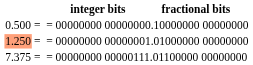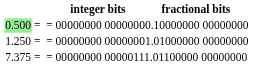 <table class="toccolours">
 <tr style="text-align:center">
 <th></th>
 <th></th>
 <th></th>
 <th></th>
 <th>integer bits</th>
 <th>fractional bits</th>
 </tr>
 <tr>
-<td>0.500</td>
+<td style="background: lightgreen;">0.500</td>
 <td>=</td>
 <td></td>
 <td>=</td>
 <td colspan=2>00000000 00000000.10000000 00000000</td>
 </tr>
 <tr>
-<td style="background: lightsalmon;">1.250</td>
+<td>1.250</td>
 <td>=</td>
 <td></td>
 <td>=</td>
 <td colspan=2>00000000 00000001.01000000 00000000</td>
 </tr>
 <tr>
 <td>7.375</td>
 <td>=</td>
 <td></td>
 <td>=</td>
 <td colspan=2>00000000 00000111.01100000 00000000</td>
 </tr>
 </table>
